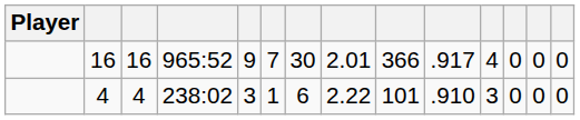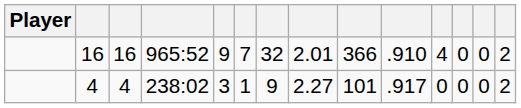 <table class="wikitable sortable" style="text-align:center;">
 <tr>
 <th>Player</th>
 <th></th>
 <th></th>
 <th></th>
 <th></th>
 <th></th>
 <th></th>
 <th></th>
 <th></th>
 <th></th>
 <th></th>
 <th></th>
 <th></th>
 <th></th>
 </tr>
 <tr>
 <td></td>
 <td>16</td>
 <td>16</td>
 <td>965:52</td>
 <td>9</td>
 <td>7</td>
-<td>30</td>
+<td>32</td>
 <td>2.01</td>
 <td>366</td>
-<td>.917</td>
+<td>.910</td>
 <td>4</td>
 <td>0</td>
 <td>0</td>
-<td>0</td>
+<td>2</td>
 </tr>
 <tr>
 <td></td>
 <td>4</td>
 <td>4</td>
 <td>238:02</td>
 <td>3</td>
 <td>1</td>
-<td>6</td>
-<td>2.22</td>
+<td>9</td>
+<td>2.27</td>
 <td>101</td>
-<td>.910</td>
-<td>3</td>
+<td>.917</td>
 <td>0</td>
 <td>0</td>
 <td>0</td>
+<td>2</td>
 </tr>
 </table>
